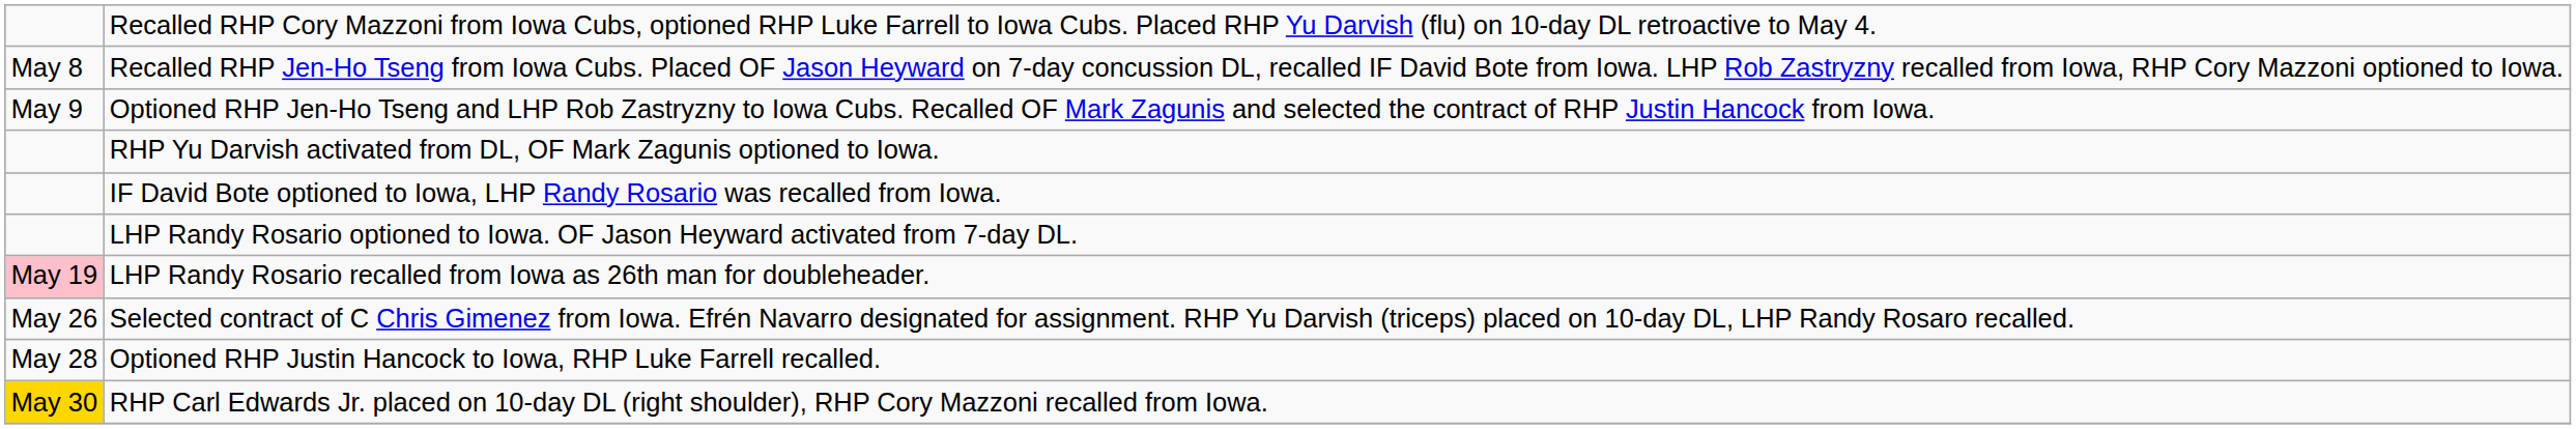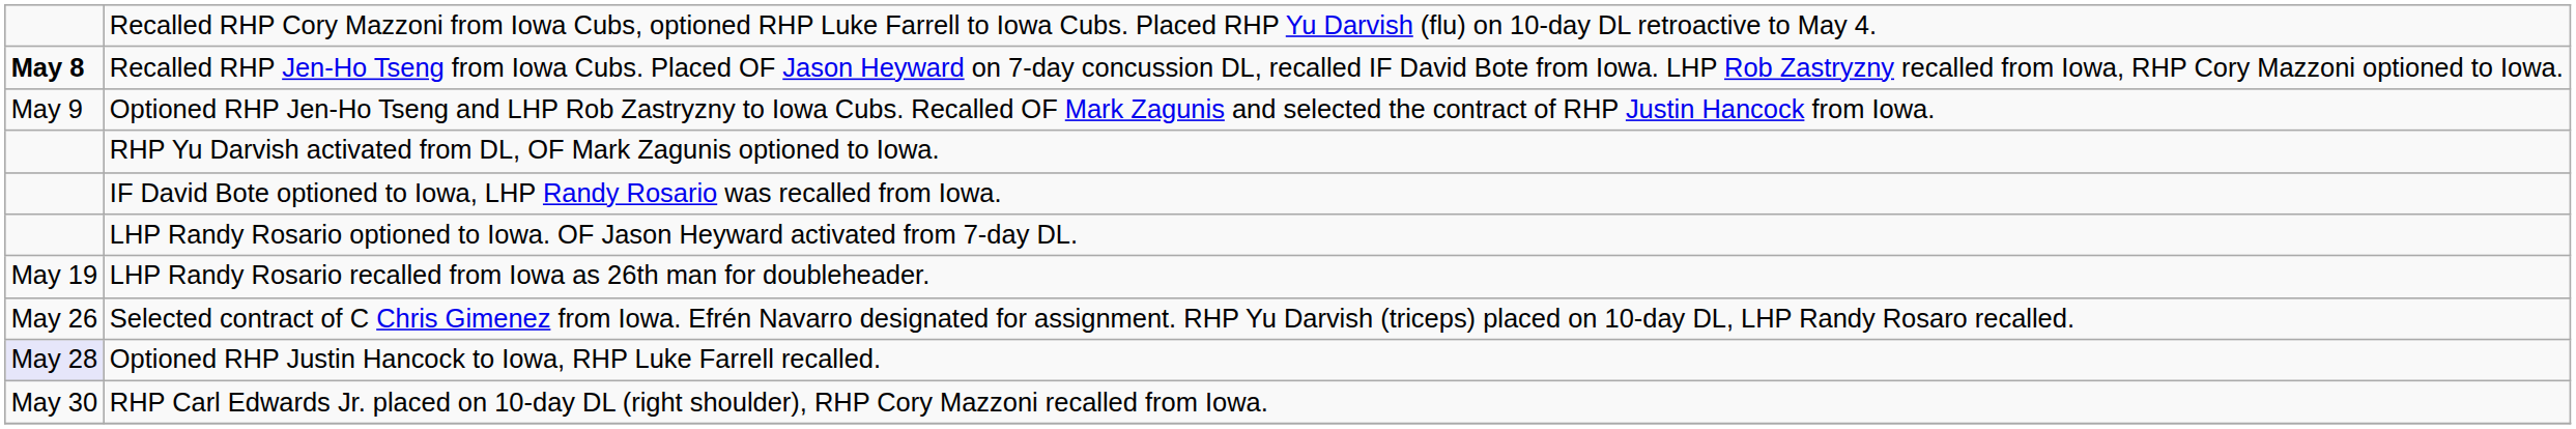 <table class="wikitable">
 <tr>
 <td></td>
 <td>Recalled RHP Cory Mazzoni from Iowa Cubs, optioned RHP Luke Farrell to Iowa Cubs. Placed RHP <a href='#'>Yu Darvish</a> (flu) on 10-day DL retroactive to May 4.</td>
 </tr>
 <tr>
-<td>May 8</td>
+<td><strong>May 8</strong></td>
 <td>Recalled RHP <a href='#'>Jen-Ho Tseng</a> from Iowa Cubs. Placed OF <a href='#'>Jason Heyward</a> on 7-day concussion DL, recalled IF David Bote from Iowa. LHP <a href='#'>Rob Zastryzny</a> recalled from Iowa, RHP Cory Mazzoni optioned to Iowa.</td>
 </tr>
 <tr>
 <td>May 9</td>
 <td>Optioned RHP Jen-Ho Tseng and LHP Rob Zastryzny to Iowa Cubs. Recalled OF <a href='#'>Mark Zagunis</a> and selected the contract of RHP <a href='#'>Justin Hancock</a> from Iowa.</td>
 </tr>
 <tr>
 <td></td>
 <td>RHP Yu Darvish activated from DL, OF Mark Zagunis optioned to Iowa.</td>
 </tr>
 <tr>
 <td></td>
 <td>IF David Bote optioned to Iowa, LHP <a href='#'>Randy Rosario</a> was recalled from Iowa.</td>
 </tr>
 <tr>
 <td></td>
 <td>LHP Randy Rosario optioned to Iowa. OF Jason Heyward activated from 7-day DL.</td>
 </tr>
 <tr>
-<td style="background: pink;">May 19</td>
+<td>May 19</td>
 <td>LHP Randy Rosario recalled from Iowa as 26th man for doubleheader.</td>
 </tr>
 <tr>
 <td>May 26</td>
 <td>Selected contract of C <a href='#'>Chris Gimenez</a> from Iowa. Efrén Navarro designated for assignment. RHP Yu Darvish (triceps) placed on 10-day DL, LHP Randy Rosaro recalled.</td>
 </tr>
 <tr>
-<td>May 28</td>
+<td style="background: lavender;">May 28</td>
 <td>Optioned RHP Justin Hancock to Iowa, RHP Luke Farrell recalled.</td>
 </tr>
 <tr>
-<td style="background: gold;">May 30</td>
+<td>May 30</td>
 <td>RHP Carl Edwards Jr. placed on 10-day DL (right shoulder), RHP Cory Mazzoni recalled from Iowa.</td>
 </tr>
 <tr>
 </tr>
 </table>
